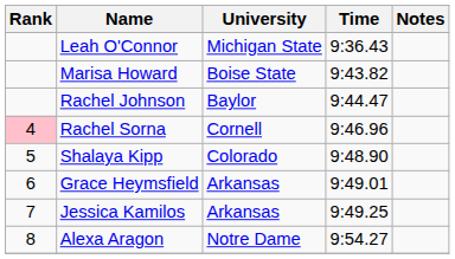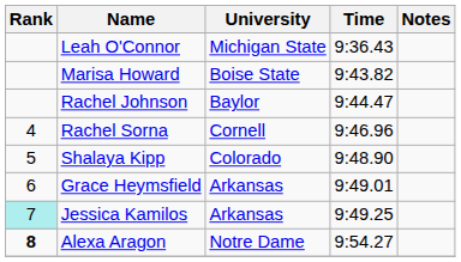 <table class="wikitable sortable" style="text-align:center">
 <tr>
 <th>Rank</th>
 <th>Name</th>
 <th>University</th>
 <th>Time</th>
 <th>Notes</th>
 </tr>
 <tr>
 <td></td>
 <td align=left><a href='#'>Leah O'Connor</a></td>
 <td align="left"><a href='#'>Michigan State</a></td>
 <td>9:36.43</td>
 <td></td>
 </tr>
 <tr>
 <td></td>
 <td align=left><a href='#'>Marisa Howard</a></td>
 <td align=left><a href='#'>Boise State</a></td>
 <td>9:43.82</td>
 <td></td>
 </tr>
 <tr>
 <td></td>
 <td align=left><a href='#'>Rachel Johnson</a></td>
 <td align=left><a href='#'>Baylor</a></td>
 <td>9:44.47</td>
 <td></td>
 </tr>
 <tr>
-<td style="background: pink;">4</td>
+<td>4</td>
 <td align=left><a href='#'>Rachel Sorna</a></td>
 <td align="left"><a href='#'>Cornell</a></td>
 <td>9:46.96</td>
 <td></td>
 </tr>
 <tr>
 <td>5</td>
 <td align=left><a href='#'>Shalaya Kipp</a></td>
 <td align=left><a href='#'>Colorado</a></td>
 <td>9:48.90</td>
 <td></td>
 </tr>
 <tr>
 <td>6</td>
 <td align=left><a href='#'>Grace Heymsfield</a></td>
 <td align="left"><a href='#'>Arkansas</a></td>
 <td>9:49.01</td>
 <td></td>
 </tr>
 <tr>
-<td>7</td>
+<td style="background: paleturquoise;">7</td>
 <td align=left><a href='#'>Jessica Kamilos</a></td>
 <td align="left"><a href='#'>Arkansas</a></td>
 <td>9:49.25</td>
 <td></td>
 </tr>
 <tr>
-<td>8</td>
+<td><strong>8</strong></td>
 <td align=left><a href='#'>Alexa Aragon</a></td>
 <td align="left"><a href='#'>Notre Dame</a></td>
 <td>9:54.27</td>
 <td></td>
 </tr>
 <tr>
 </tr>
 </table>
